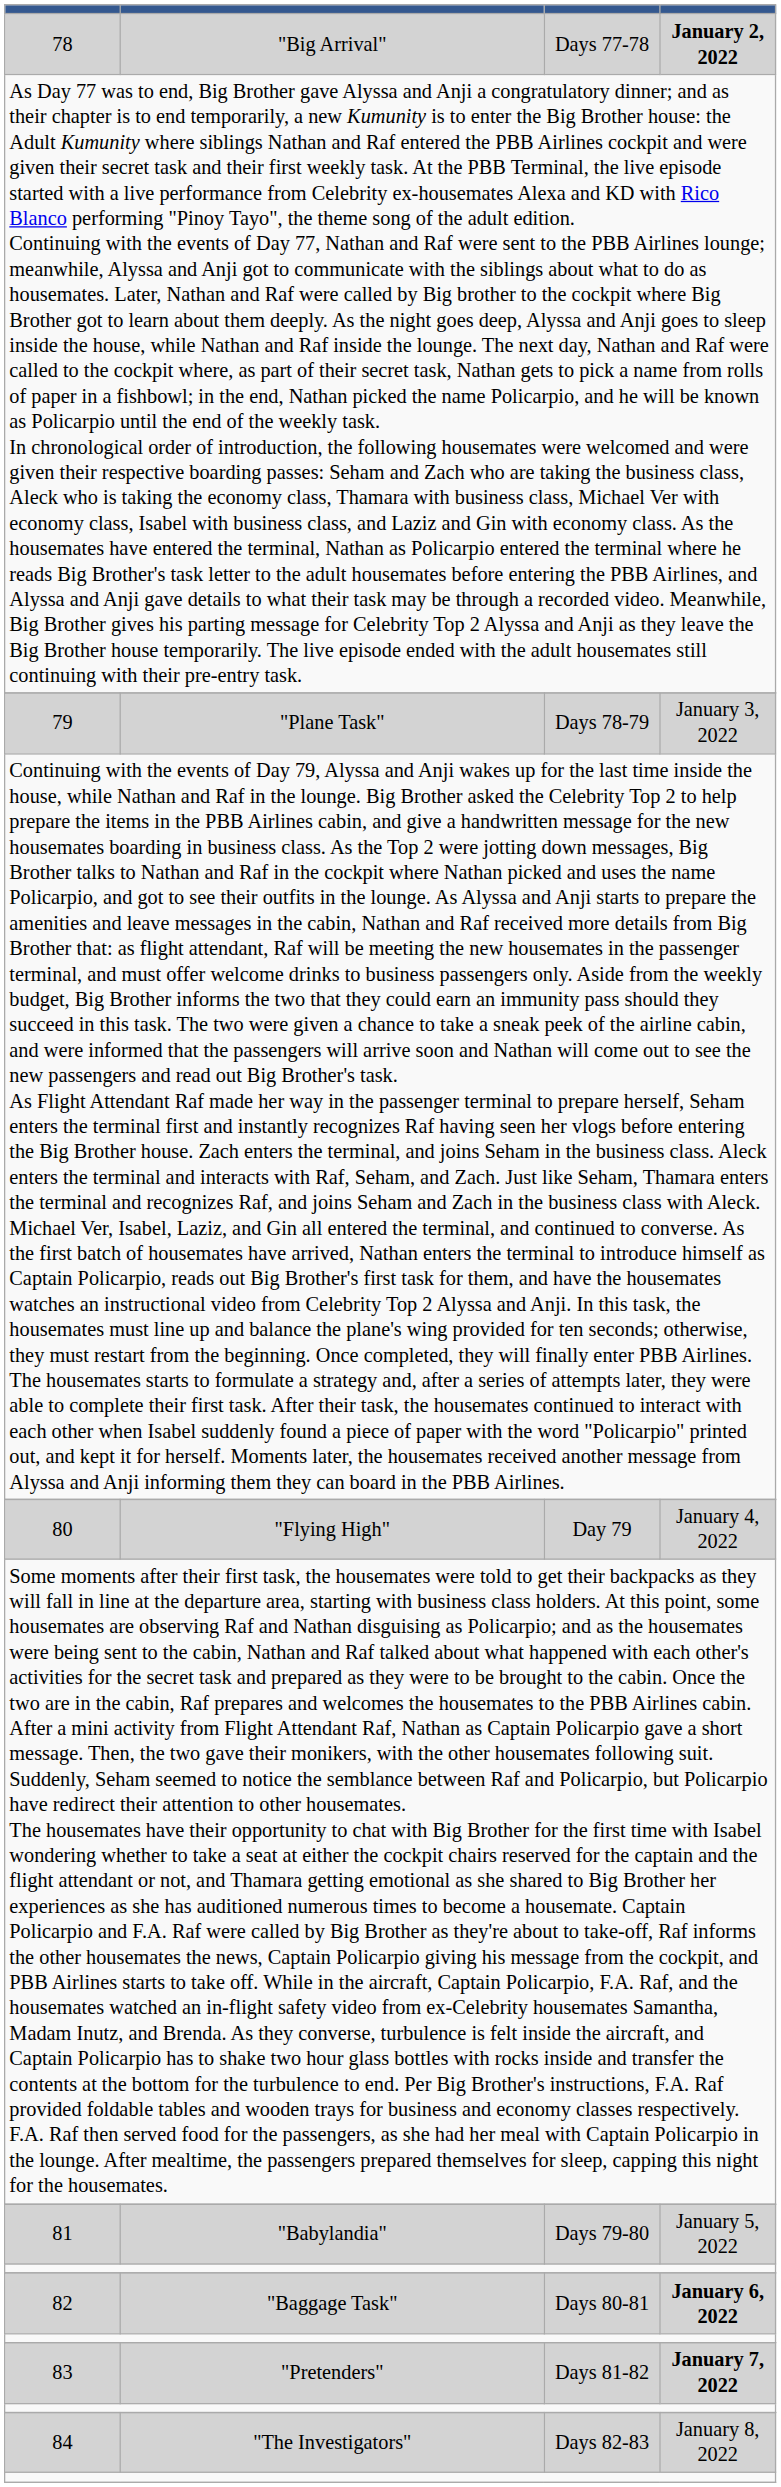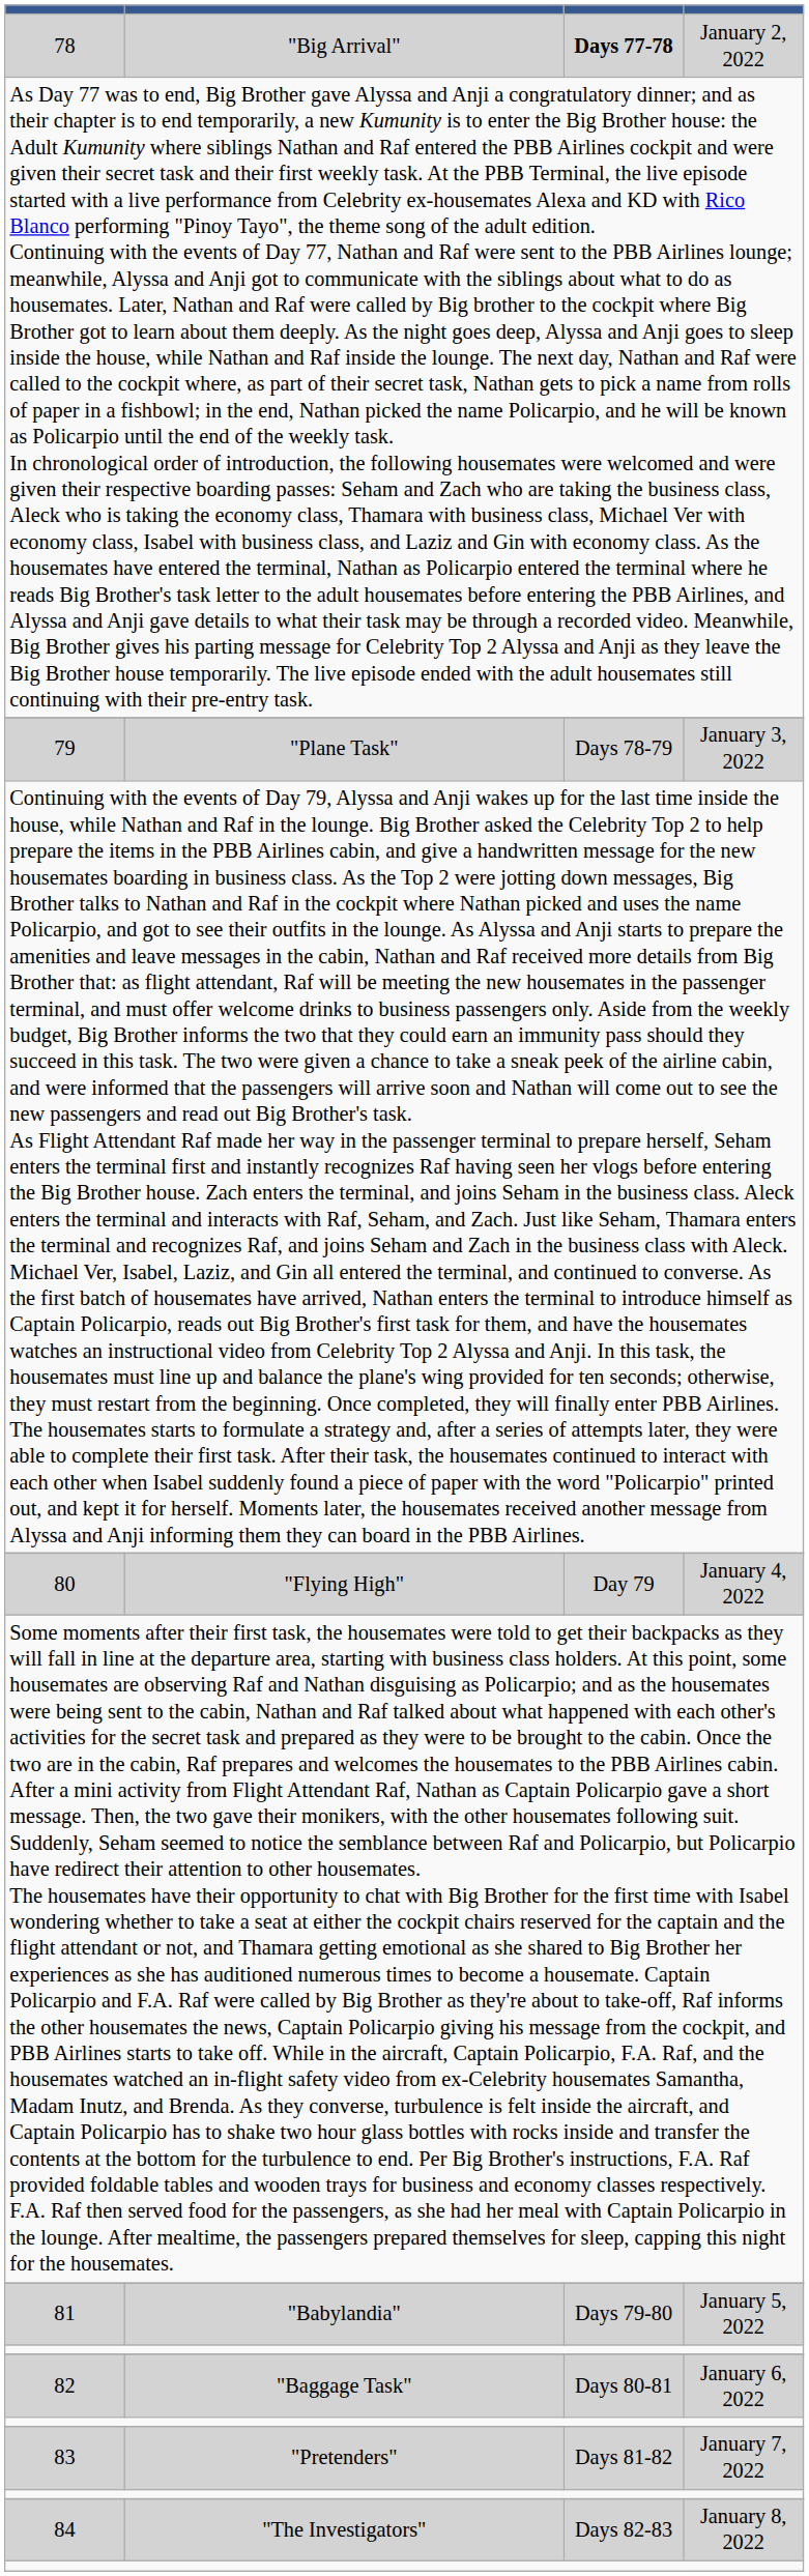 <table class="wikitable sortable" style="font-size:100%; line-height:20px; text-align:center">
 <tr>
 <th width="15%" style="background:#34588F"></th>
 <th width="55%" style="background:#34588F"></th>
 <th width="15%" style="background:#34588F"></th>
 <th width="15%" style="background:#34588F"></th>
 </tr>
 <tr style="background:lightgrey;">
 <td>78</td>
 <td>"Big Arrival"</td>
-<td>Days 77-78</td>
-<td><strong>January 2, 2022</strong></td>
+<td><strong>Days 77-78</strong></td>
+<td>January 2, 2022</td>
 </tr>
 <tr>
 <td colspan="4" align="left">As Day 77 was to end, Big Brother gave Alyssa and Anji a congratulatory dinner; and as their chapter is to end temporarily, a new <em>Kumunity</em> is to enter the Big Brother house: the Adult <em>Kumunity</em> where siblings Nathan and Raf entered the PBB Airlines cockpit and were given their secret task and their first weekly task. At the PBB Terminal, the live episode started with a live performance from Celebrity ex-housemates Alexa and KD with <a href='#'>Rico Blanco</a> performing "Pinoy Tayo", the theme song of the adult edition.<br>Continuing with the events of Day 77, Nathan and Raf were sent to the PBB Airlines lounge; meanwhile, Alyssa and Anji got to communicate with the siblings about what to do as housemates. Later, Nathan and Raf were called by Big brother to the cockpit where Big Brother got to learn about them deeply. As the night goes deep, Alyssa and Anji goes to sleep inside the house, while Nathan and Raf inside the lounge. The next day, Nathan and Raf were called to the cockpit where, as part of their secret task, Nathan gets to pick a name from rolls of paper in a fishbowl; in the end, Nathan picked the name Policarpio, and he will be known as Policarpio until the end of the weekly task.<br>In chronological order of introduction, the following housemates were welcomed and were given their respective boarding passes: Seham and Zach who are taking the business class, Aleck who is taking the economy class, Thamara with business class, Michael Ver with economy class, Isabel with business class, and Laziz and Gin with economy class. As the housemates have entered the terminal, Nathan as Policarpio entered the terminal where he reads Big Brother's task letter to the adult housemates before entering the PBB Airlines, and Alyssa and Anji gave details to what their task may be through a recorded video. Meanwhile, Big Brother gives his parting message for Celebrity Top 2 Alyssa and Anji as they leave the Big Brother house temporarily. The live episode ended with the adult housemates still continuing with their pre-entry task.</td>
 </tr>
 <tr>
 </tr>
 <tr style="background:lightgrey;">
 <td>79</td>
 <td>"Plane Task"</td>
 <td>Days 78-79</td>
 <td>January 3, 2022</td>
 </tr>
 <tr>
 <td colspan="4" align="left">Continuing with the events of Day 79, Alyssa and Anji wakes up for the last time inside the house, while Nathan and Raf in the lounge. Big Brother asked the Celebrity Top 2 to help prepare the items in the PBB Airlines cabin, and give a handwritten message for the new housemates boarding in business class. As the Top 2 were jotting down messages, Big Brother talks to Nathan and Raf in the cockpit where Nathan picked and uses the name Policarpio, and got to see their outfits in the lounge. As Alyssa and Anji starts to prepare the amenities and leave messages in the cabin, Nathan and Raf received more details from Big Brother that: as flight attendant, Raf will be meeting the new housemates in the passenger terminal, and must offer welcome drinks to business passengers only. Aside from the weekly budget, Big Brother informs the two that they could earn an immunity pass should they succeed in this task. The two were given a chance to take a sneak peek of the airline cabin, and were informed that the passengers will arrive soon and Nathan will come out to see the new passengers and read out Big Brother's task.<br>As Flight Attendant Raf made her way in the passenger terminal to prepare herself, Seham enters the terminal first and instantly recognizes Raf having seen her vlogs before entering the Big Brother house. Zach enters the terminal, and joins Seham in the business class. Aleck enters the terminal and interacts with Raf, Seham, and Zach. Just like Seham, Thamara enters the terminal and recognizes Raf, and joins Seham and Zach in the business class with Aleck. Michael Ver, Isabel, Laziz, and Gin all entered the terminal, and continued to converse. As the first batch of housemates have arrived, Nathan enters the terminal to introduce himself as Captain Policarpio, reads out Big Brother's first task for them, and have the housemates watches an instructional video from Celebrity Top 2 Alyssa and Anji. In this task, the housemates must line up and balance the plane's wing provided for ten seconds; otherwise, they must restart from the beginning. Once completed, they will finally enter PBB Airlines. The housemates starts to formulate a strategy and, after a series of attempts later, they were able to complete their first task. After their task, the housemates continued to interact with each other when Isabel suddenly found a piece of paper with the word "Policarpio" printed out, and kept it for herself. Moments later, the housemates received another message from Alyssa and Anji informing them they can board in the PBB Airlines.</td>
 </tr>
 <tr>
 </tr>
 <tr style="background:lightgrey;">
 <td>80</td>
 <td>"Flying High"</td>
 <td>Day 79</td>
 <td>January 4, 2022</td>
 </tr>
 <tr>
 <td colspan="4" align="left">Some moments after their first task, the housemates were told to get their backpacks as they will fall in line at the departure area, starting with business class holders. At this point, some housemates are observing Raf and Nathan disguising as Policarpio; and as the housemates were being sent to the cabin, Nathan and Raf talked about what happened with each other's activities for the secret task and prepared as they were to be brought to the cabin. Once the two are in the cabin, Raf prepares and welcomes the housemates to the PBB Airlines cabin. After a mini activity from Flight Attendant Raf, Nathan as Captain Policarpio gave a short message. Then, the two gave their monikers, with the other housemates following suit. Suddenly, Seham seemed to notice the semblance between Raf and Policarpio, but Policarpio have redirect their attention to other housemates.<br>The housemates have their opportunity to chat with Big Brother for the first time with Isabel wondering whether to take a seat at either the cockpit chairs reserved for the captain and the flight attendant or not, and Thamara getting emotional as she shared to Big Brother her experiences as she has auditioned numerous times to become a housemate. Captain Policarpio and F.A. Raf were called by Big Brother as they're about to take-off, Raf informs the other housemates the news, Captain Policarpio giving his message from the cockpit, and PBB Airlines starts to take off. While in the aircraft, Captain Policarpio, F.A. Raf, and the housemates watched an in-flight safety video from ex-Celebrity housemates Samantha, Madam Inutz, and Brenda. As they converse, turbulence is felt inside the aircraft, and Captain Policarpio has to shake two hour glass bottles with rocks inside and transfer the contents at the bottom for the turbulence to end. Per Big Brother's instructions, F.A. Raf provided foldable tables and wooden trays for business and economy classes respectively. F.A. Raf then served food for the passengers, as she had her meal with Captain Policarpio in the lounge. After mealtime, the passengers prepared themselves for sleep, capping this night for the housemates.</td>
 </tr>
 <tr>
 </tr>
 <tr style="background:lightgrey;">
 <td>81</td>
 <td>"Babylandia"</td>
 <td>Days 79-80</td>
 <td>January 5, 2022</td>
 </tr>
 <tr>
 <td colspan="4" align="left"></td>
 </tr>
 <tr>
 </tr>
 <tr style="background:lightgrey;">
 <td>82</td>
 <td>"Baggage Task"</td>
 <td>Days 80-81</td>
-<td><strong>January 6, 2022</strong></td>
+<td>January 6, 2022</td>
 </tr>
 <tr>
 <td colspan="4" align="left"></td>
 </tr>
 <tr>
 </tr>
 <tr style="background:lightgrey;">
 <td>83</td>
 <td>"Pretenders"</td>
 <td>Days 81-82</td>
-<td><strong>January 7, 2022</strong></td>
+<td>January 7, 2022</td>
 </tr>
 <tr>
 <td colspan="4" align="left"></td>
 </tr>
 <tr>
 </tr>
 <tr style="background:lightgrey;">
 <td>84</td>
 <td>"The Investigators"</td>
 <td>Days 82-83</td>
 <td>January 8, 2022</td>
 </tr>
 <tr>
 <td colspan="4" align="left"></td>
 </tr>
 <tr>
 </tr>
 </table>
